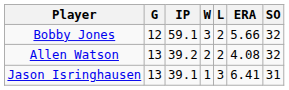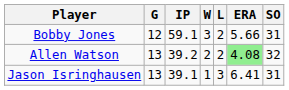 <table class="wikitable sortable">
 <tr>
 <th>Player</th>
 <th>G</th>
 <th>IP</th>
 <th>W</th>
 <th>L</th>
 <th>ERA</th>
 <th>SO</th>
 </tr>
 <tr style= "text-align: center">
 <td><a href='#'>Bobby Jones</a></td>
 <td>12</td>
 <td>59.1</td>
 <td>3</td>
 <td>2</td>
 <td>5.66</td>
-<td>32</td>
+<td>31</td>
 </tr>
 <tr style= "text-align: center">
 <td><a href='#'>Allen Watson</a></td>
 <td>13</td>
 <td>39.2</td>
 <td>2</td>
 <td>2</td>
-<td>4.08</td>
+<td style="background: lightgreen;">4.08</td>
 <td>32</td>
 </tr>
 <tr style= "text-align: center">
 <td><a href='#'>Jason Isringhausen</a></td>
 <td>13</td>
 <td>39.1</td>
 <td>1</td>
 <td>3</td>
 <td>6.41</td>
 <td>31</td>
 </tr>
 </table>
